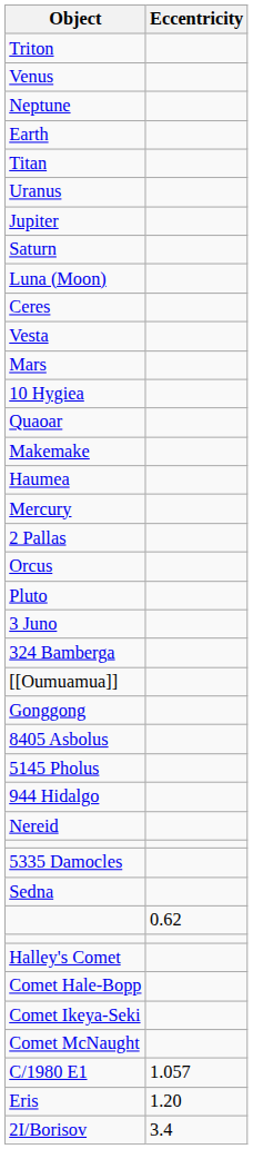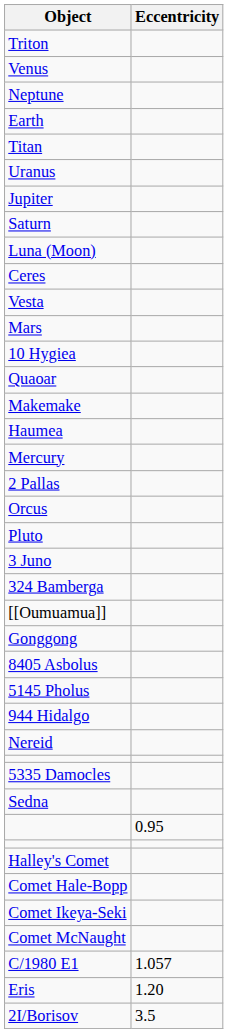 <table Class= "wikitable floatright mw-collapsible mw-collapsed">
 <tr>
 <th>Object</th>
 <th>Eccentricity</th>
 </tr>
 <tr>
 <td><a href='#'>Triton</a></td>
 <td></td>
 </tr>
 <tr>
 <td><a href='#'>Venus</a></td>
 <td></td>
 </tr>
 <tr>
 <td><a href='#'>Neptune</a></td>
 <td></td>
 </tr>
 <tr>
 <td><a href='#'>Earth</a></td>
 <td></td>
 </tr>
 <tr>
 <td><a href='#'>Titan</a></td>
 <td></td>
 </tr>
 <tr>
 <td><a href='#'>Uranus</a></td>
 <td></td>
 </tr>
 <tr>
 <td><a href='#'>Jupiter</a></td>
 <td></td>
 </tr>
 <tr>
 <td><a href='#'>Saturn</a></td>
 <td></td>
 </tr>
 <tr>
 <td><a href='#'>Luna (Moon)</a></td>
 <td></td>
 </tr>
 <tr>
 <td><a href='#'>Ceres</a></td>
 <td></td>
 </tr>
 <tr>
 <td><a href='#'>Vesta</a></td>
 <td></td>
 </tr>
 <tr>
 <td><a href='#'>Mars</a></td>
 <td></td>
 </tr>
 <tr>
 <td><a href='#'>10 Hygiea</a></td>
 <td></td>
 </tr>
 <tr>
 <td><a href='#'>Quaoar</a></td>
 <td></td>
 </tr>
 <tr>
 <td><a href='#'>Makemake</a></td>
 <td></td>
 </tr>
 <tr>
 <td><a href='#'>Haumea</a></td>
 <td></td>
 </tr>
 <tr>
 <td><a href='#'>Mercury</a></td>
 <td></td>
 </tr>
 <tr>
 <td><a href='#'>2 Pallas</a></td>
 <td></td>
 </tr>
 <tr>
 <td><a href='#'>Orcus</a></td>
 <td></td>
 </tr>
 <tr>
 <td><a href='#'>Pluto</a></td>
 <td></td>
 </tr>
 <tr>
 <td><a href='#'>3 Juno</a></td>
 <td></td>
 </tr>
 <tr>
 <td><a href='#'>324 Bamberga</a></td>
 <td></td>
 </tr>
 <tr>
 <td>[[Oumuamua]]</td>
 <td></td>
 </tr>
 <tr>
 <td><a href='#'>Gonggong</a></td>
 <td></td>
 </tr>
 <tr>
 <td><a href='#'>8405 Asbolus</a></td>
 <td></td>
 </tr>
 <tr>
 <td><a href='#'>5145 Pholus</a></td>
 <td></td>
 </tr>
 <tr>
 <td><a href='#'>944 Hidalgo</a></td>
 <td></td>
 </tr>
 <tr>
 <td><a href='#'>Nereid</a></td>
 <td></td>
 </tr>
 <tr>
 <td></td>
 <td></td>
 </tr>
 <tr>
 <td><a href='#'>5335 Damocles</a></td>
 <td></td>
 </tr>
 <tr>
 <td><a href='#'>Sedna</a></td>
 <td></td>
 </tr>
 <tr>
 <td><a href='#'></a></td>
-<td>0.62</td>
+<td>0.95</td>
 </tr>
 <tr>
 <td><a href='#'></a></td>
 <td></td>
 </tr>
 <tr>
 <td><a href='#'>Halley's Comet</a></td>
 <td></td>
 </tr>
 <tr>
 <td><a href='#'>Comet Hale-Bopp</a></td>
 <td></td>
 </tr>
 <tr>
 <td><a href='#'>Comet Ikeya-Seki</a></td>
 <td></td>
 </tr>
 <tr>
 <td><a href='#'>Comet McNaught</a></td>
 <td></td>
 </tr>
 <tr>
 <td><a href='#'>C/1980 E1</a></td>
 <td>1.057</td>
 </tr>
 <tr>
 <td><a href='#'>Eris</a></td>
 <td>1.20</td>
 </tr>
 <tr>
 <td><a href='#'>2I/Borisov</a></td>
-<td>3.4</td>
+<td>3.5</td>
 </tr>
 </table>
